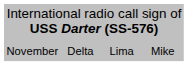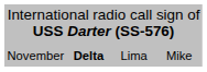 <table style="background:silver">
 <tr>
 <td colspan=4 align=center>International radio call sign of<br><strong>USS <em>Darter</em> (SS-576)</strong></td>
 </tr>
 <tr>
 <td align=center width=45px></td>
 <td align=center width=45px></td>
 <td align=center width=45px></td>
 <td align=center width=45px></td>
 </tr>
 <tr>
 <td align=center><small>November</small></td>
-<td align=center><small>Delta</small></td>
+<td align=center><strong><small>Delta</small></strong></td>
 <td align=center><small>Lima</small></td>
 <td align=center><small>Mike</small></td>
 </tr>
 </table>
